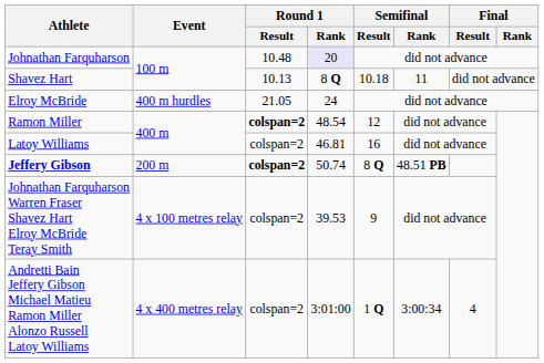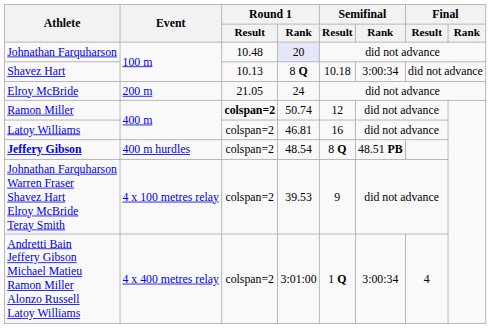 <table class=wikitable style="font-size:90%">
 <tr>
 <th rowspan="2">Athlete</th>
 <th rowspan="2">Event</th>
 <th colspan="2">Round 1</th>
 <th colspan="2">Semifinal</th>
 <th colspan="2">Final</th>
 </tr>
 <tr style="font-size:95%">
 <th>Result</th>
 <th>Rank</th>
 <th>Result</th>
 <th>Rank</th>
 <th>Result</th>
 <th>Rank</th>
 </tr>
 <tr align=center>
 <td align=left><a href='#'>Johnathan Farquharson</a></td>
 <td align=left rowspan="2"><a href='#'>100 m</a></td>
 <td>10.48</td>
 <td style="background: lavender;">20</td>
 <td colspan="4">did not advance</td>
 </tr>
 <tr align=center>
 <td align=left><a href='#'>Shavez Hart</a></td>
 <td>10.13</td>
 <td>8 <strong>Q</strong></td>
 <td>10.18</td>
-<td>11</td>
+<td>3:00:34</td>
 <td colspan="2">did not advance</td>
 </tr>
 <tr align=center>
 <td align=left><a href='#'>Elroy McBride</a></td>
-<td align=left rowspan="1"><a href='#'>400 m hurdles</a></td>
+<td align=left rowspan="1"><a href='#'>200 m</a></td>
 <td>21.05</td>
 <td>24</td>
 <td colspan="4">did not advance</td>
 </tr>
 <tr align=center>
 <td align=left><a href='#'>Ramon Miller</a></td>
 <td align=left rowspan="2"><a href='#'>400 m</a></td>
 <td><strong>colspan=2 </strong></td>
-<td>48.54</td>
+<td>50.74</td>
 <td>12</td>
 <td colspan="2">did not advance</td>
 </tr>
 <tr align=center>
 <td align=left><a href='#'>Latoy Williams</a></td>
 <td>colspan=2 </td>
 <td>46.81</td>
 <td>16</td>
 <td colspan="2">did not advance</td>
 </tr>
 <tr align=center>
 <td align=left><strong><a href='#'>Jeffery Gibson</a></strong></td>
-<td align=left rowspan="1"><a href='#'>200 m</a></td>
-<td><strong>colspan=2 </strong></td>
-<td>50.74</td>
+<td align=left rowspan="1"><a href='#'>400 m hurdles</a></td>
+<td>colspan=2 </td>
+<td>48.54</td>
 <td>8 <strong>Q</strong></td>
 <td>48.51 <strong>PB</strong></td>
 <td></td>
 </tr>
 <tr align=center>
 <td align=left><a href='#'>Johnathan Farquharson</a><br><a href='#'>Warren Fraser</a><br><a href='#'>Shavez Hart</a><br><a href='#'>Elroy McBride</a><br><a href='#'>Teray Smith</a></td>
 <td align=left><a href='#'>4 x 100 metres relay</a></td>
 <td>colspan=2 </td>
 <td>39.53</td>
 <td>9</td>
 <td colspan="2">did not advance</td>
 </tr>
 <tr align=center>
 <td align=left><a href='#'>Andretti Bain</a><br><a href='#'>Jeffery Gibson</a><br><a href='#'>Michael Matieu</a><br><a href='#'>Ramon Miller</a><br><a href='#'>Alonzo Russell</a><br><a href='#'>Latoy Williams</a></td>
 <td align=left><a href='#'>4 x 400 metres relay</a></td>
 <td>colspan=2 </td>
 <td>3:01:00</td>
 <td>1 <strong>Q</strong></td>
 <td>3:00:34</td>
 <td>4</td>
 </tr>
 </table>
